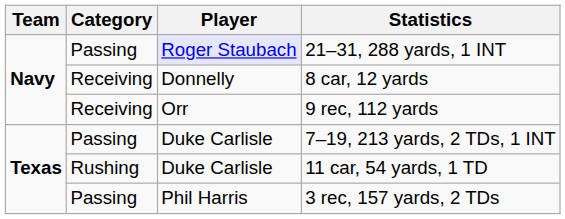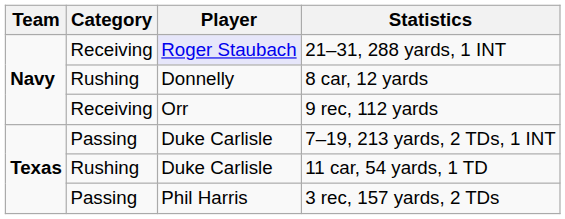 <table class="wikitable" style="float: right;">
 <tr>
 <th>Team</th>
 <th>Category</th>
 <th>Player</th>
 <th>Statistics</th>
 </tr>
 <tr>
 <td rowspan=3><strong>Navy</strong></td>
-<td>Passing</td>
+<td>Receiving</td>
 <td style="background: lavender;"><a href='#'>Roger Staubach</a></td>
 <td>21–31, 288 yards, 1 INT</td>
 </tr>
 <tr>
-<td>Receiving</td>
+<td>Rushing</td>
 <td>Donnelly</td>
 <td>8 car, 12 yards</td>
 </tr>
 <tr>
 <td>Receiving</td>
 <td>Orr</td>
 <td>9 rec, 112 yards</td>
 </tr>
 <tr>
 <td rowspan=3><strong>Texas</strong></td>
 <td>Passing</td>
 <td>Duke Carlisle</td>
 <td>7–19, 213 yards, 2 TDs, 1 INT</td>
 </tr>
 <tr>
 <td>Rushing</td>
 <td>Duke Carlisle</td>
 <td>11 car, 54 yards, 1 TD</td>
 </tr>
 <tr>
 <td>Passing</td>
 <td>Phil Harris</td>
 <td>3 rec, 157 yards, 2 TDs</td>
 </tr>
 </table>
